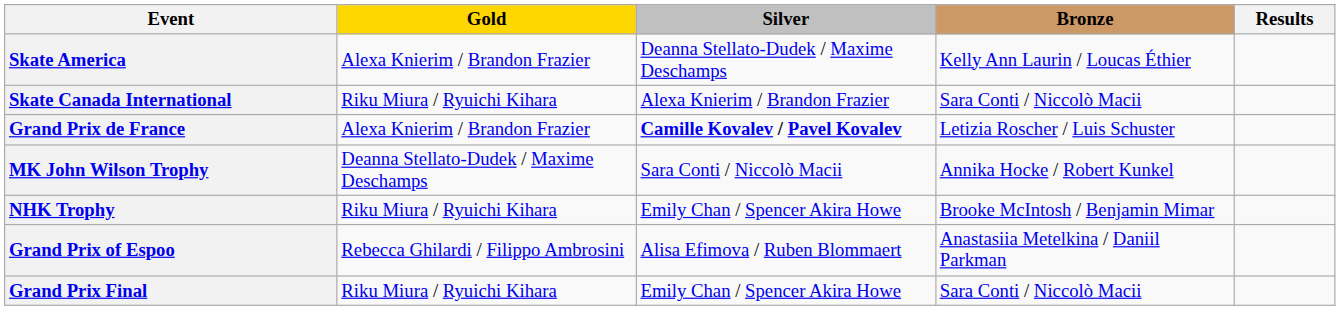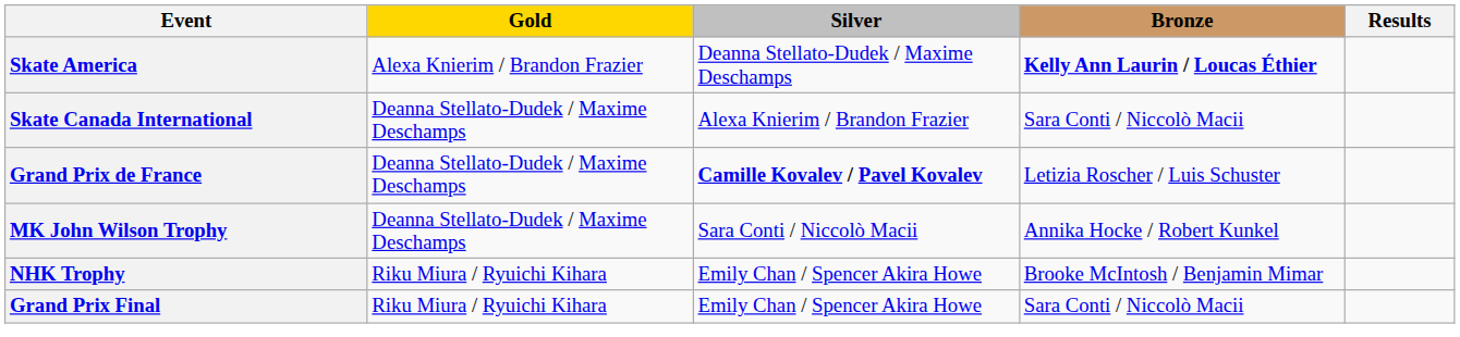 <table class="wikitable unsortable" style="text-align:left; width:90%;">
 <tr>
 <th scope="col" style="text-align:center; width:25%;">Event</th>
 <td scope="col" style="text-align:center; width:22.5%; background:gold"><strong>Gold</strong></td>
 <td scope="col" style="text-align:center; width:22.5%; background:silver"><strong>Silver</strong></td>
 <td scope="col" style="text-align:center; width:22.5%; background:#c96"><strong>Bronze</strong></td>
 <th scope="col" style="text-align:center; width:7.5%;">Results</th>
 </tr>
 <tr>
 <th scope="row" style="text-align:left"> <a href='#'>Skate America</a></th>
 <td> <a href='#'>Alexa Knierim</a> / <a href='#'>Brandon Frazier</a></td>
 <td> <a href='#'>Deanna Stellato-Dudek</a> / <a href='#'>Maxime Deschamps</a></td>
-<td> <a href='#'>Kelly Ann Laurin</a> / <a href='#'>Loucas Éthier</a></td>
+<td><strong> <a href='#'>Kelly Ann Laurin</a> / <a href='#'>Loucas Éthier</a></strong></td>
 <td></td>
 </tr>
 <tr>
 <th scope="row" style="text-align:left"> <a href='#'>Skate Canada International</a></th>
-<td> <a href='#'>Riku Miura</a> / <a href='#'>Ryuichi Kihara</a></td>
+<td> <a href='#'>Deanna Stellato-Dudek</a> / <a href='#'>Maxime Deschamps</a></td>
 <td> <a href='#'>Alexa Knierim</a> / <a href='#'>Brandon Frazier</a></td>
 <td> <a href='#'>Sara Conti</a> / <a href='#'>Niccolò Macii</a></td>
 <td></td>
 </tr>
 <tr>
 <th scope="row" style="text-align:left"> <a href='#'>Grand Prix de France</a></th>
-<td> <a href='#'>Alexa Knierim</a> / <a href='#'>Brandon Frazier</a></td>
+<td> <a href='#'>Deanna Stellato-Dudek</a> / <a href='#'>Maxime Deschamps</a></td>
 <td><strong> <a href='#'>Camille Kovalev</a> / <a href='#'>Pavel Kovalev</a></strong></td>
 <td> <a href='#'>Letizia Roscher</a> / <a href='#'>Luis Schuster</a></td>
 <td></td>
 </tr>
 <tr>
 <th scope="row" style="text-align:left"> <a href='#'>MK John Wilson Trophy</a></th>
 <td> <a href='#'>Deanna Stellato-Dudek</a> / <a href='#'>Maxime Deschamps</a></td>
 <td> <a href='#'>Sara Conti</a> / <a href='#'>Niccolò Macii</a></td>
 <td> <a href='#'>Annika Hocke</a> / <a href='#'>Robert Kunkel</a></td>
 <td></td>
 </tr>
 <tr>
 <th scope="row" style="text-align:left"> <a href='#'>NHK Trophy</a></th>
 <td> <a href='#'>Riku Miura</a> / <a href='#'>Ryuichi Kihara</a></td>
 <td> <a href='#'>Emily Chan</a> / <a href='#'>Spencer Akira Howe</a></td>
 <td> <a href='#'>Brooke McIntosh</a> / <a href='#'>Benjamin Mimar</a></td>
 <td></td>
 </tr>
 <tr>
-<th scope="row" style="text-align:left"> <a href='#'>Grand Prix of Espoo</a></th>
-<td> <a href='#'>Rebecca Ghilardi</a> / <a href='#'>Filippo Ambrosini</a></td>
-<td> <a href='#'>Alisa Efimova</a> / <a href='#'>Ruben Blommaert</a></td>
-<td> <a href='#'>Anastasiia Metelkina</a> / <a href='#'>Daniil Parkman</a></td>
-<td></td>
-</tr>
-<tr>
 <th scope="row" style="text-align:left"> <a href='#'>Grand Prix Final</a></th>
 <td> <a href='#'>Riku Miura</a> / <a href='#'>Ryuichi Kihara</a></td>
 <td> <a href='#'>Emily Chan</a> / <a href='#'>Spencer Akira Howe</a></td>
 <td> <a href='#'>Sara Conti</a> / <a href='#'>Niccolò Macii</a></td>
 <td></td>
 </tr>
 </table>
